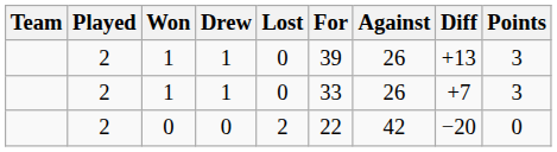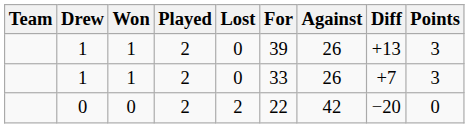 <table class="wikitable" style="text-align:center">
 <tr>
 <th>Team</th>
+<th>Drew</th>
+<th>Won</th>
 <th>Played</th>
-<th>Won</th>
-<th>Drew</th>
 <th>Lost</th>
 <th>For</th>
 <th>Against</th>
 <th>Diff</th>
 <th>Points</th>
 </tr>
 <tr>
 <td align=left></td>
-<td>2</td>
 <td>1</td>
 <td>1</td>
+<td>2</td>
 <td>0</td>
 <td>39</td>
 <td>26</td>
 <td>+13</td>
 <td>3</td>
 </tr>
 <tr>
 <td align=left></td>
-<td>2</td>
 <td>1</td>
 <td>1</td>
+<td>2</td>
 <td>0</td>
 <td>33</td>
 <td>26</td>
 <td>+7</td>
 <td>3</td>
 </tr>
 <tr>
 <td align=left></td>
-<td>2</td>
 <td>0</td>
 <td>0</td>
+<td>2</td>
 <td>2</td>
 <td>22</td>
 <td>42</td>
 <td>−20</td>
 <td>0</td>
 </tr>
 </table>
